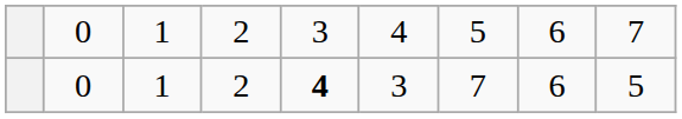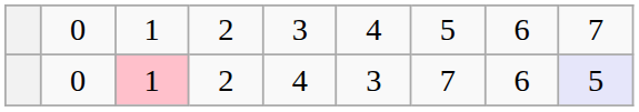 <table class="wikitable" style="width:20em; text-align:center">
 <tr>
 <th></th>
 <td>0</td>
 <td>1</td>
 <td>2</td>
 <td>3</td>
 <td>4</td>
 <td>5</td>
 <td>6</td>
 <td>7</td>
 </tr>
 <tr>
 <th></th>
 <td>0</td>
-<td>1</td>
+<td style="background: pink;">1</td>
 <td>2</td>
-<td><strong>4</strong></td>
+<td>4</td>
 <td>3</td>
 <td>7</td>
 <td>6</td>
-<td>5</td>
+<td style="background: lavender;">5</td>
 </tr>
 </table>
